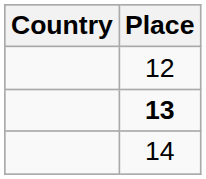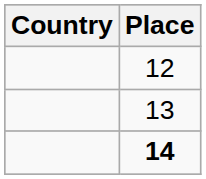 <table class="wikitable sortable" style="text-align:center">
 <tr>
 <th>Country</th>
 <th>Place</th>
 </tr>
 <tr>
 <td align=left></td>
 <td>12</td>
 </tr>
 <tr>
 <td align=left></td>
-<td><strong>13</strong></td>
+<td>13</td>
 </tr>
 <tr>
 <td align=left></td>
-<td>14</td>
+<td><strong>14</strong></td>
 </tr>
 </table>
